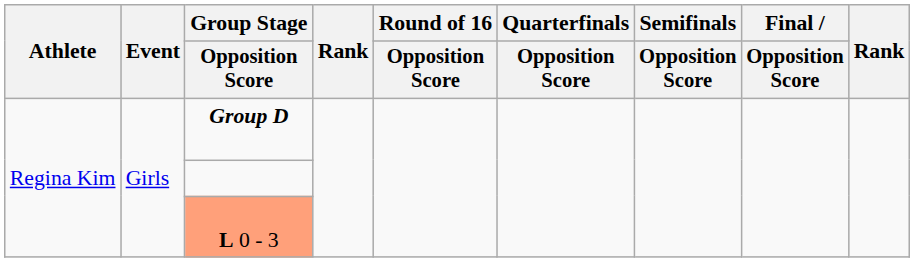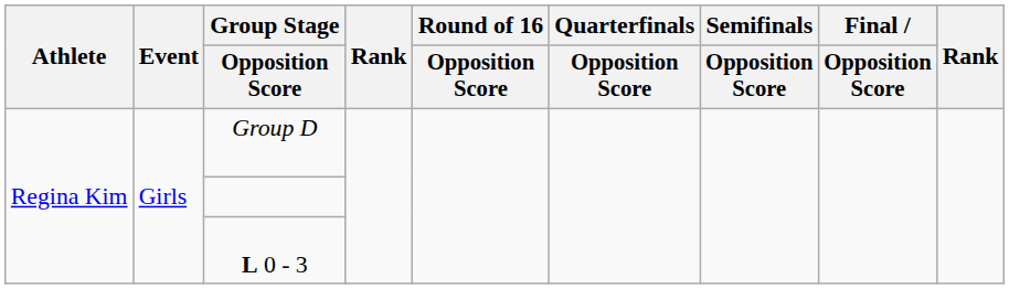 <table class=wikitable style="font-size:90%">
 <tr>
 <th rowspan="2">Athlete</th>
 <th rowspan="2">Event</th>
 <th>Group Stage</th>
 <th rowspan="2">Rank</th>
 <th>Round of 16</th>
 <th>Quarterfinals</th>
 <th>Semifinals</th>
 <th>Final / </th>
 <th rowspan=2>Rank</th>
 </tr>
 <tr style="font-size:95%">
 <th>Opposition<br>Score</th>
 <th>Opposition<br>Score</th>
 <th>Opposition<br>Score</th>
 <th>Opposition<br>Score</th>
 <th>Opposition<br>Score</th>
 </tr>
 <tr align=center>
 <td align=left rowspan=3><a href='#'>Regina Kim</a></td>
 <td align=left rowspan=3><a href='#'>Girls</a></td>
-<td><strong><em>Group D</em><br><br></strong></td>
+<td><em>Group D</em><br><br></td>
 <td rowspan=3></td>
 <td rowspan=3></td>
 <td rowspan=3></td>
 <td rowspan=3></td>
 <td rowspan=3></td>
 <td rowspan=3></td>
 </tr>
 <tr align=center>
 <td><br></td>
 </tr>
 <tr align=center>
-<td style="background: lightsalmon;"><br><strong>L</strong> 0 - 3</td>
+<td><br><strong>L</strong> 0 - 3</td>
 </tr>
 </table>
